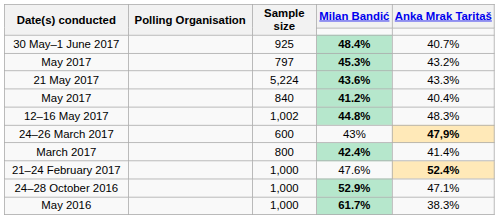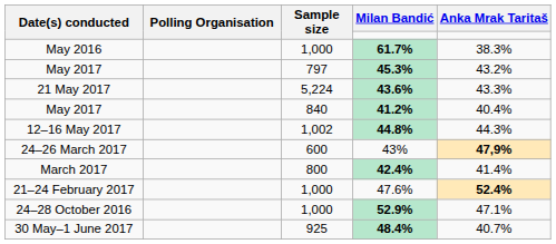 <table class="wikitable" style="text-align:center; font-size:90%;">
 <tr>
 <th style="width:150px;" rowspan=2>Date(s) conducted</th>
 <th style="width:150px;" rowspan=2>Polling Organisation</th>
 <th style="width:75px;" rowspan=2>Sample size</th>
 <th><a href='#'>Milan Bandić</a></th>
 <th><a href='#'>Anka Mrak Taritaš</a></th>
 </tr>
 <tr>
 <td style="background: "></td>
 <td style="background: "></td>
 </tr>
 <tr>
-<td>30 May–1 June 2017</td>
+<td>May 2016</td>
 <td></td>
-<td>925</td>
-<td style="background: #b6e7cc"><strong>48.4%</strong></td>
-<td>40.7%</td>
+<td>1,000</td>
+<td style="background: #b6e7cc"><strong>61.7%</strong></td>
+<td>38.3%</td>
 </tr>
 <tr>
 <td>May 2017</td>
 <td></td>
 <td>797</td>
 <td style="background: #b6e7cc"><strong>45.3%</strong></td>
 <td>43.2%</td>
 </tr>
 <tr>
 <td>21 May 2017</td>
 <td></td>
 <td>5,224</td>
 <td style="background: #b6e7cc"><strong>43.6%</strong></td>
 <td>43.3%</td>
 </tr>
 <tr>
 <td>May 2017</td>
 <td></td>
 <td>840</td>
 <td style="background: #b6e7cc"><strong>41.2%</strong></td>
 <td>40.4%</td>
 </tr>
 <tr>
 <td>12–16 May 2017</td>
 <td></td>
 <td>1,002</td>
 <td style="background: #b6e7cc"><strong>44.8%</strong></td>
-<td>48.3%</td>
+<td>44.3%</td>
 </tr>
 <tr>
 <td>24–26 March 2017</td>
 <td></td>
 <td>600</td>
 <td>43%</td>
 <td style="background: #FFE9B8"><strong>47,9%</strong></td>
 </tr>
 <tr>
 <td>March 2017</td>
 <td></td>
 <td>800</td>
 <td style="background: #b6e7cc"><strong>42.4%</strong></td>
 <td>41.4%</td>
 </tr>
 <tr>
 <td>21–24 February 2017</td>
 <td></td>
 <td>1,000</td>
 <td>47.6%</td>
 <td style="background: #FFE9B8"><strong>52.4%</strong></td>
 </tr>
 <tr>
 <td>24–28 October 2016</td>
 <td></td>
 <td>1,000</td>
 <td style="background: #b6e7cc"><strong>52.9%</strong></td>
 <td>47.1%</td>
 </tr>
 <tr>
-<td>May 2016</td>
+<td>30 May–1 June 2017</td>
 <td></td>
-<td>1,000</td>
-<td style="background: #b6e7cc"><strong>61.7%</strong></td>
-<td>38.3%</td>
+<td>925</td>
+<td style="background: #b6e7cc"><strong>48.4%</strong></td>
+<td>40.7%</td>
 </tr>
 </table>
